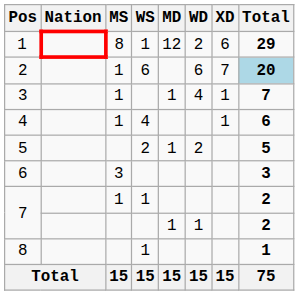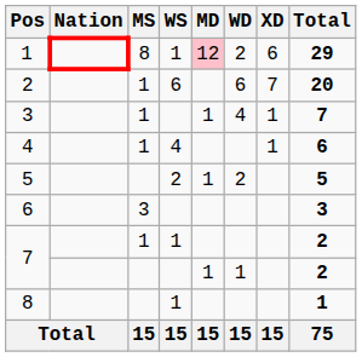 <table class="wikitable" style="text-align:center">
 <tr>
 <th>Pos</th>
 <th>Nation</th>
 <th>MS</th>
 <th>WS</th>
 <th>MD</th>
 <th>WD</th>
 <th>XD</th>
 <th>Total</th>
 </tr>
 <tr>
 <td>1</td>
 <td align=left style="border: 3px solid red"><strong></strong></td>
 <td>8</td>
 <td>1</td>
-<td>12</td>
+<td style="background: pink;">12</td>
 <td>2</td>
 <td>6</td>
 <td><strong>29</strong></td>
 </tr>
 <tr>
 <td>2</td>
 <td align=left></td>
 <td>1</td>
 <td>6</td>
 <td></td>
 <td>6</td>
 <td>7</td>
-<td style="background: lightblue;"><strong>20</strong></td>
+<td><strong>20</strong></td>
 </tr>
 <tr>
 <td>3</td>
 <td align=left></td>
 <td>1</td>
 <td></td>
 <td>1</td>
 <td>4</td>
 <td>1</td>
 <td><strong>7</strong></td>
 </tr>
 <tr>
 <td>4</td>
 <td align=left></td>
 <td>1</td>
 <td>4</td>
 <td></td>
 <td></td>
 <td>1</td>
 <td><strong>6</strong></td>
 </tr>
 <tr>
 <td>5</td>
 <td align=left></td>
 <td></td>
 <td>2</td>
 <td>1</td>
 <td>2</td>
 <td></td>
 <td><strong>5</strong></td>
 </tr>
 <tr>
 <td>6</td>
 <td align=left></td>
 <td>3</td>
 <td></td>
 <td></td>
 <td></td>
 <td></td>
 <td><strong>3</strong></td>
 </tr>
 <tr>
 <td rowspan=2>7</td>
 <td align=left></td>
 <td>1</td>
 <td>1</td>
 <td></td>
 <td></td>
 <td></td>
 <td><strong>2</strong></td>
 </tr>
 <tr>
 <td align=left></td>
 <td></td>
 <td></td>
 <td>1</td>
 <td>1</td>
 <td></td>
 <td><strong>2</strong></td>
 </tr>
 <tr>
 <td>8</td>
 <td align=left></td>
 <td></td>
 <td>1</td>
 <td></td>
 <td></td>
 <td></td>
 <td><strong>1</strong></td>
 </tr>
 <tr>
 <th colspan=2>Total</th>
 <th>15</th>
 <th>15</th>
 <th>15</th>
 <th>15</th>
 <th>15</th>
 <th><strong>75</strong></th>
 </tr>
 </table>
